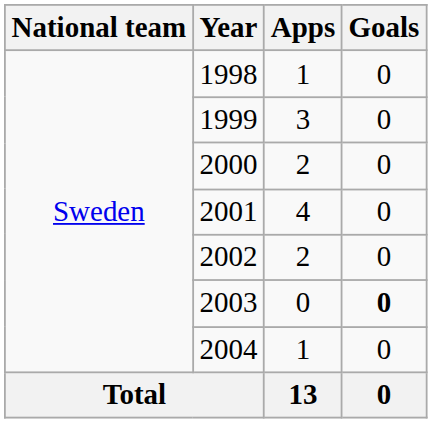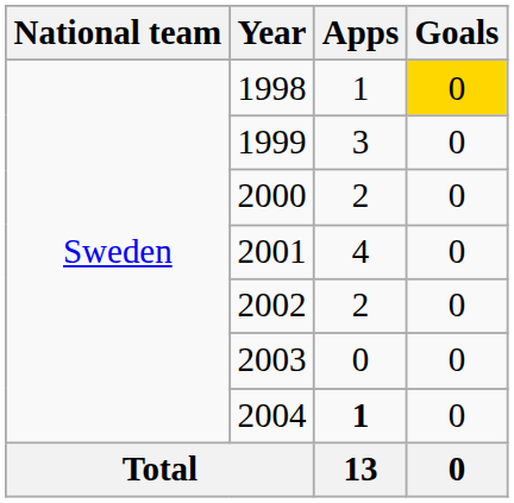 <table class="wikitable" style="text-align:center">
 <tr>
 <th>National team</th>
 <th>Year</th>
 <th>Apps</th>
 <th>Goals</th>
 </tr>
 <tr>
 <td rowspan="7"><a href='#'>Sweden</a></td>
 <td>1998</td>
 <td>1</td>
-<td>0</td>
+<td style="background: gold;">0</td>
 </tr>
 <tr>
 <td>1999</td>
 <td>3</td>
 <td>0</td>
 </tr>
 <tr>
 <td>2000</td>
 <td>2</td>
 <td>0</td>
 </tr>
 <tr>
 <td>2001</td>
 <td>4</td>
 <td>0</td>
 </tr>
 <tr>
 <td>2002</td>
 <td>2</td>
 <td>0</td>
 </tr>
 <tr>
 <td>2003</td>
 <td>0</td>
-<td><strong>0</strong></td>
+<td>0</td>
 </tr>
 <tr>
 <td>2004</td>
-<td>1</td>
+<td><strong>1</strong></td>
 <td>0</td>
 </tr>
 <tr>
 <th colspan="2">Total</th>
 <th>13</th>
 <th>0</th>
 </tr>
 </table>
